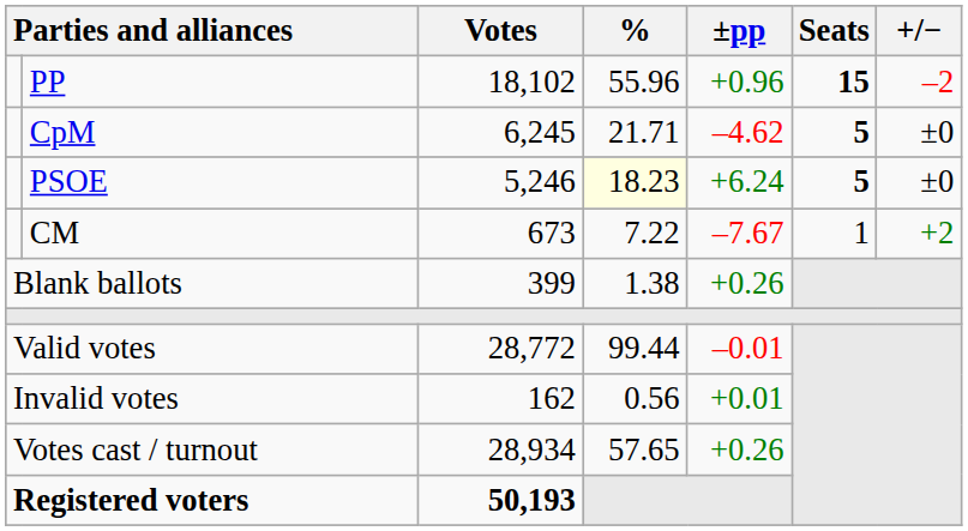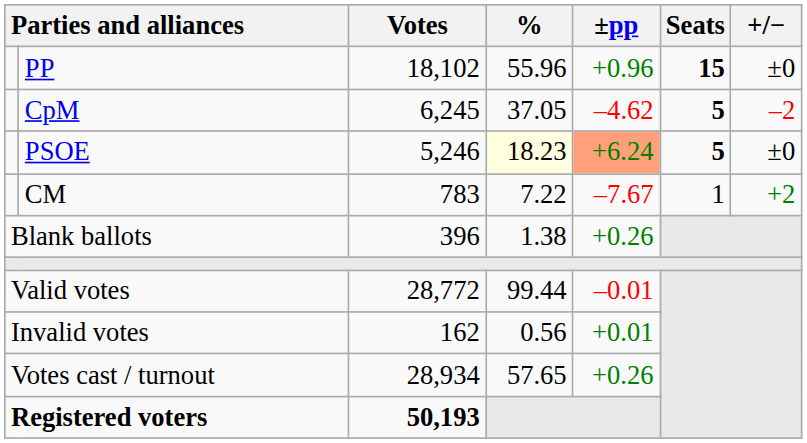 <table class="wikitable" style="text-align:right;">
 <tr>
 <th style="text-align:left;" colspan="2" width="200">Parties and alliances</th>
 <th width="75">Votes</th>
 <th width="45">%</th>
 <th width="45">±<a href='#'>pp</a></th>
 <th width="35">Seats</th>
 <th width="35">+/−</th>
 </tr>
 <tr>
 <td width="1" style="color:inherit;background:"></td>
 <td align="left"><a href='#'>PP</a></td>
 <td>18,102</td>
 <td>55.96</td>
 <td style="color:green;">+0.96</td>
 <td><strong>15</strong></td>
-<td style="color:red;">–2</td>
+<td>±0</td>
 </tr>
 <tr>
 <td style="color:inherit;background:"></td>
 <td align="left"><a href='#'>CpM</a></td>
 <td>6,245</td>
-<td>21.71</td>
+<td>37.05</td>
 <td style="color:red;">–4.62</td>
 <td><strong>5</strong></td>
-<td>±0</td>
+<td style="color:red;">–2</td>
 </tr>
 <tr>
 <td style="color:inherit;background:"></td>
 <td align="left"><a href='#'>PSOE</a></td>
 <td>5,246</td>
 <td style="background: lightyellow;">18.23</td>
-<td style="color:green;">+6.24</td>
+<td style="background: lightsalmon; color:green;">+6.24</td>
 <td><strong>5</strong></td>
 <td>±0</td>
 </tr>
 <tr>
 <td style="color:inherit;background:"></td>
 <td align="left">CM</td>
-<td>673</td>
+<td>783</td>
 <td>7.22</td>
 <td style="color:red;">–7.67</td>
 <td>1</td>
 <td style="color:green;">+2</td>
 </tr>
 <tr>
 <td align="left" colspan="2">Blank ballots</td>
-<td>399</td>
+<td>396</td>
 <td>1.38</td>
 <td style="color:green;">+0.26</td>
 <td bgcolor="#E9E9E9" colspan="2"></td>
 </tr>
 <tr>
 <td colspan="7" bgcolor="#E9E9E9"></td>
 </tr>
 <tr>
 <td align="left" colspan="2">Valid votes</td>
 <td>28,772</td>
 <td>99.44</td>
 <td style="color:red;">–0.01</td>
 <td bgcolor="#E9E9E9" colspan="2" rowspan="4"></td>
 </tr>
 <tr>
 <td align="left" colspan="2">Invalid votes</td>
 <td>162</td>
 <td>0.56</td>
 <td style="color:green;">+0.01</td>
 </tr>
 <tr>
 <td align="left" colspan="2">Votes cast / turnout</td>
 <td>28,934</td>
 <td>57.65</td>
 <td style="color:green;">+0.26</td>
 </tr>
 <tr style="font-weight:bold;">
 <td align="left" colspan="2">Registered voters</td>
 <td>50,193</td>
 <td bgcolor="#E9E9E9" colspan="2"></td>
 </tr>
 </table>
